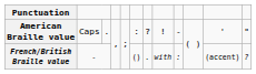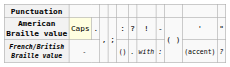 <table class="wikitable" style="line-height: 1.2">
 <tr align=center>
 <th>Punctuation</th>
 <td colspan=2></td>
 <td></td>
 <td></td>
 <td></td>
 <td></td>
 <td></td>
 <td></td>
 <td></td>
 <td></td>
 <td></td>
 </tr>
 <tr align=center>
 <th>American <br>Braille value</th>
-<td>Caps</td>
+<td style="background: lightyellow;">Caps</td>
 <td>. </td>
 <td rowspan=2>,</td>
 <td rowspan=2>;</td>
 <td>:</td>
 <td>?</td>
 <td>!</td>
 <td>- </td>
 <td rowspan=2>( )</td>
 <td>' </td>
 <td>" </td>
 </tr>
 <tr align=center>
 <th><small><em>French/British<br>Braille value</em></small></th>
 <td colspan=2><small><em>-</em></small></td>
 <td><small>()</small></td>
 <td><small><em>.</em></small></td>
 <td><small><em>with</em></small></td>
 <td><small><em>:</em></small></td>
 <td><small>(accent)</small></td>
 <td><small><em>?</em></small></td>
 </tr>
 </table>
